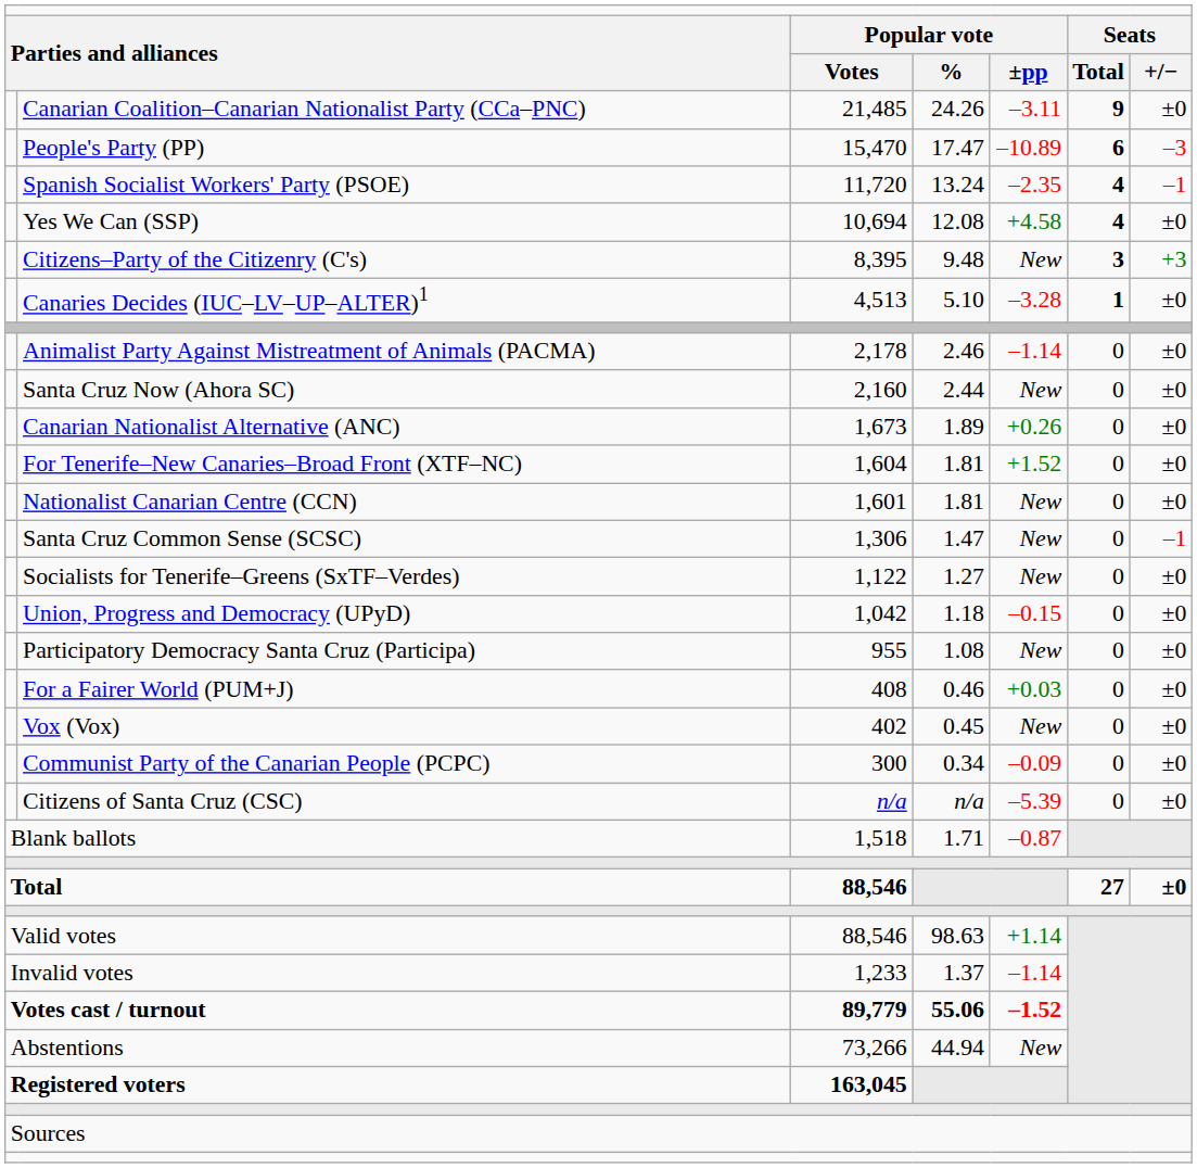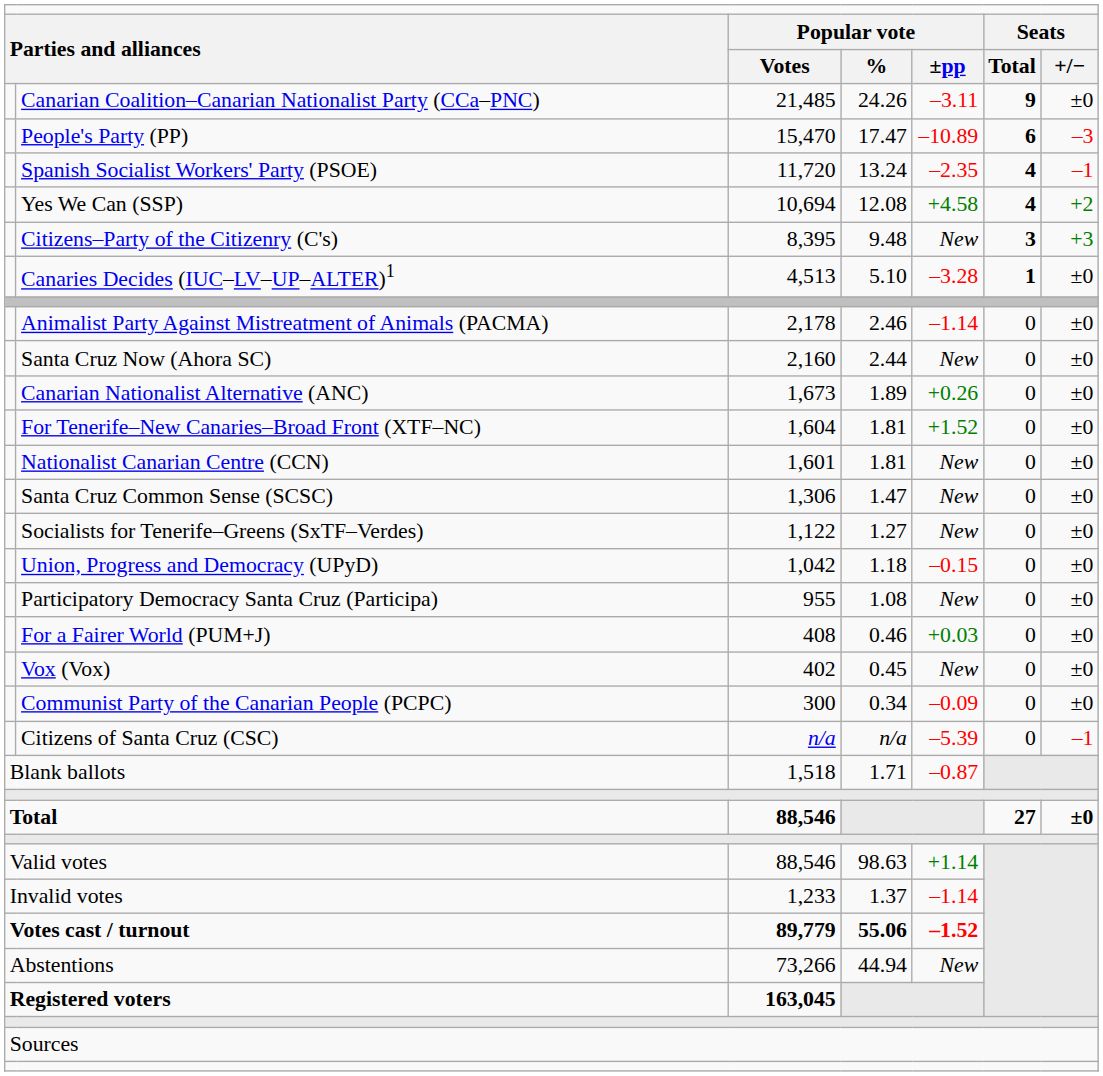 <table class="wikitable" style="text-align:right;">
 <tr>
 <td colspan="7"></td>
 </tr>
 <tr>
 <th style="text-align:left;" rowspan="2" colspan="2" width="525">Parties and alliances</th>
 <th colspan="3">Popular vote</th>
 <th colspan="2">Seats</th>
 </tr>
 <tr>
 <th width="75">Votes</th>
 <th width="45">%</th>
 <th width="45">±<a href='#'>pp</a></th>
 <th width="35">Total</th>
 <th width="35">+/−</th>
 </tr>
 <tr>
 <td width="1" style="color:inherit;background:"></td>
 <td align="left"><a href='#'>Canarian Coalition–Canarian Nationalist Party</a> (<a href='#'>CCa</a>–<a href='#'>PNC</a>)</td>
 <td>21,485</td>
 <td>24.26</td>
 <td style="color:red;">–3.11</td>
 <td><strong>9</strong></td>
 <td>±0</td>
 </tr>
 <tr>
 <td style="color:inherit;background:"></td>
 <td align="left"><a href='#'>People's Party</a> (PP)</td>
 <td>15,470</td>
 <td>17.47</td>
 <td style="color:red;">–10.89</td>
 <td><strong>6</strong></td>
 <td style="color:red;">–3</td>
 </tr>
 <tr>
 <td style="color:inherit;background:"></td>
 <td align="left"><a href='#'>Spanish Socialist Workers' Party</a> (PSOE)</td>
 <td>11,720</td>
 <td>13.24</td>
 <td style="color:red;">–2.35</td>
 <td><strong>4</strong></td>
 <td style="color:red;">–1</td>
 </tr>
 <tr>
 <td style="color:inherit;background:"></td>
 <td align="left">Yes We Can (SSP)</td>
 <td>10,694</td>
 <td>12.08</td>
 <td style="color:green;">+4.58</td>
 <td><strong>4</strong></td>
-<td>±0</td>
+<td style="color:green;">+2</td>
 </tr>
 <tr>
 <td style="color:inherit;background:"></td>
 <td align="left"><a href='#'>Citizens–Party of the Citizenry</a> (C's)</td>
 <td>8,395</td>
 <td>9.48</td>
 <td><em>New</em></td>
 <td><strong>3</strong></td>
 <td style="color:green;">+3</td>
 </tr>
 <tr>
 <td style="color:inherit;background:"></td>
 <td align="left"><a href='#'>Canaries Decides</a> (<a href='#'>IUC</a>–<a href='#'>LV</a>–<a href='#'>UP</a>–<a href='#'>ALTER</a>)<sup>1</sup></td>
 <td>4,513</td>
 <td>5.10</td>
 <td style="color:red;">–3.28</td>
 <td><strong>1</strong></td>
 <td>±0</td>
 </tr>
 <tr>
 <td colspan="7" bgcolor="#C0C0C0"></td>
 </tr>
 <tr>
 <td style="color:inherit;background:"></td>
 <td align="left"><a href='#'>Animalist Party Against Mistreatment of Animals</a> (PACMA)</td>
 <td>2,178</td>
 <td>2.46</td>
 <td style="color:red;">–1.14</td>
 <td>0</td>
 <td>±0</td>
 </tr>
 <tr>
 <td style="color:inherit;background:"></td>
 <td align="left">Santa Cruz Now (Ahora SC)</td>
 <td>2,160</td>
 <td>2.44</td>
 <td><em>New</em></td>
 <td>0</td>
 <td>±0</td>
 </tr>
 <tr>
 <td style="color:inherit;background:"></td>
 <td align="left"><a href='#'>Canarian Nationalist Alternative</a> (ANC)</td>
 <td>1,673</td>
 <td>1.89</td>
 <td style="color:green;">+0.26</td>
 <td>0</td>
 <td>±0</td>
 </tr>
 <tr>
 <td style="color:inherit;background:"></td>
 <td align="left"><a href='#'>For Tenerife–New Canaries–Broad Front</a> (XTF–NC)</td>
 <td>1,604</td>
 <td>1.81</td>
 <td style="color:green;">+1.52</td>
 <td>0</td>
 <td>±0</td>
 </tr>
 <tr>
 <td style="color:inherit;background:"></td>
 <td align="left"><a href='#'>Nationalist Canarian Centre</a> (CCN)</td>
 <td>1,601</td>
 <td>1.81</td>
 <td><em>New</em></td>
 <td>0</td>
 <td>±0</td>
 </tr>
 <tr>
 <td style="color:inherit;background:"></td>
 <td align="left">Santa Cruz Common Sense (SCSC)</td>
 <td>1,306</td>
 <td>1.47</td>
 <td><em>New</em></td>
 <td>0</td>
-<td style="color:red;">–1</td>
+<td>±0</td>
 </tr>
 <tr>
 <td style="color:inherit;background:"></td>
 <td align="left">Socialists for Tenerife–Greens (SxTF–Verdes)</td>
 <td>1,122</td>
 <td>1.27</td>
 <td><em>New</em></td>
 <td>0</td>
 <td>±0</td>
 </tr>
 <tr>
 <td style="color:inherit;background:"></td>
 <td align="left"><a href='#'>Union, Progress and Democracy</a> (UPyD)</td>
 <td>1,042</td>
 <td>1.18</td>
 <td style="color:red;">–0.15</td>
 <td>0</td>
 <td>±0</td>
 </tr>
 <tr>
 <td style="color:inherit;background:"></td>
 <td align="left">Participatory Democracy Santa Cruz (Participa)</td>
 <td>955</td>
 <td>1.08</td>
 <td><em>New</em></td>
 <td>0</td>
 <td>±0</td>
 </tr>
 <tr>
 <td style="color:inherit;background:"></td>
 <td align="left"><a href='#'>For a Fairer World</a> (PUM+J)</td>
 <td>408</td>
 <td>0.46</td>
 <td style="color:green;">+0.03</td>
 <td>0</td>
 <td>±0</td>
 </tr>
 <tr>
 <td style="color:inherit;background:"></td>
 <td align="left"><a href='#'>Vox</a> (Vox)</td>
 <td>402</td>
 <td>0.45</td>
 <td><em>New</em></td>
 <td>0</td>
 <td>±0</td>
 </tr>
 <tr>
 <td style="color:inherit;background:"></td>
 <td align="left"><a href='#'>Communist Party of the Canarian People</a> (PCPC)</td>
 <td>300</td>
 <td>0.34</td>
 <td style="color:red;">–0.09</td>
 <td>0</td>
 <td>±0</td>
 </tr>
 <tr>
 <td style="color:inherit;background:"></td>
 <td align="left">Citizens of Santa Cruz (CSC)</td>
 <td><em><a href='#'>n/a</a></em></td>
 <td><em>n/a</em></td>
 <td style="color:red;">–5.39</td>
 <td>0</td>
-<td>±0</td>
+<td style="color:red;">–1</td>
 </tr>
 <tr>
 <td align="left" colspan="2">Blank ballots</td>
 <td>1,518</td>
 <td>1.71</td>
 <td style="color:red;">–0.87</td>
 <td bgcolor="#E9E9E9" colspan="2"></td>
 </tr>
 <tr>
 <td colspan="7" bgcolor="#E9E9E9"></td>
 </tr>
 <tr style="font-weight:bold;">
 <td align="left" colspan="2">Total</td>
 <td>88,546</td>
 <td bgcolor="#E9E9E9" colspan="2"></td>
 <td>27</td>
 <td>±0</td>
 </tr>
 <tr>
 <td colspan="7" bgcolor="#E9E9E9"></td>
 </tr>
 <tr>
 <td align="left" colspan="2">Valid votes</td>
 <td>88,546</td>
 <td>98.63</td>
 <td style="color:green;">+1.14</td>
 <td bgcolor="#E9E9E9" colspan="2" rowspan="5"></td>
 </tr>
 <tr>
 <td align="left" colspan="2">Invalid votes</td>
 <td>1,233</td>
 <td>1.37</td>
 <td style="color:red;">–1.14</td>
 </tr>
 <tr style="font-weight:bold;">
 <td align="left" colspan="2">Votes cast / turnout</td>
 <td>89,779</td>
 <td>55.06</td>
 <td style="color:red;">–1.52</td>
 </tr>
 <tr>
 <td align="left" colspan="2">Abstentions</td>
 <td>73,266</td>
 <td>44.94</td>
 <td><em>New</em></td>
 </tr>
 <tr style="font-weight:bold;">
 <td align="left" colspan="2">Registered voters</td>
 <td>163,045</td>
 <td bgcolor="#E9E9E9" colspan="2"></td>
 </tr>
 <tr>
 <td colspan="7" bgcolor="#E9E9E9"></td>
 </tr>
 <tr>
 <td align="left" colspan="7">Sources</td>
 </tr>
 <tr>
 <td colspan="7" style="text-align:left; max-width:790px;"></td>
 </tr>
 </table>
